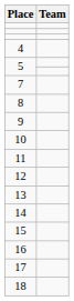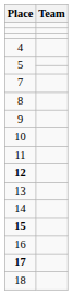 <table class="wikitable">
 <tr>
 <th>Place</th>
 <th>Team</th>
 </tr>
 <tr>
 <td align=center></td>
 <td></td>
 </tr>
 <tr>
 <td align=center></td>
 <td></td>
 </tr>
 <tr>
 <td align=center></td>
 <td></td>
 </tr>
 <tr>
 <td align=center>4</td>
 <td></td>
 </tr>
 <tr>
 <td rowspan=2 align=center>5</td>
 <td></td>
 </tr>
 <tr>
 <td></td>
 </tr>
 <tr>
 <td align=center>7</td>
 <td></td>
 </tr>
 <tr>
 <td align=center>8</td>
 <td></td>
 </tr>
 <tr>
 <td align=center>9</td>
 <td></td>
 </tr>
 <tr>
 <td align=center>10</td>
 <td></td>
 </tr>
 <tr>
 <td align=center>11</td>
 <td></td>
 </tr>
 <tr>
-<td align=center>12</td>
+<td align=center><strong>12</strong></td>
 <td></td>
 </tr>
 <tr>
 <td align=center>13</td>
 <td></td>
 </tr>
 <tr>
 <td align=center>14</td>
 <td></td>
 </tr>
 <tr>
-<td align=center>15</td>
+<td align=center><strong>15</strong></td>
 <td></td>
 </tr>
 <tr>
 <td align=center>16</td>
 <td></td>
 </tr>
 <tr>
-<td align=center>17</td>
+<td align=center><strong>17</strong></td>
 <td></td>
 </tr>
 <tr>
 <td align=center>18</td>
 <td></td>
 </tr>
 </table>
